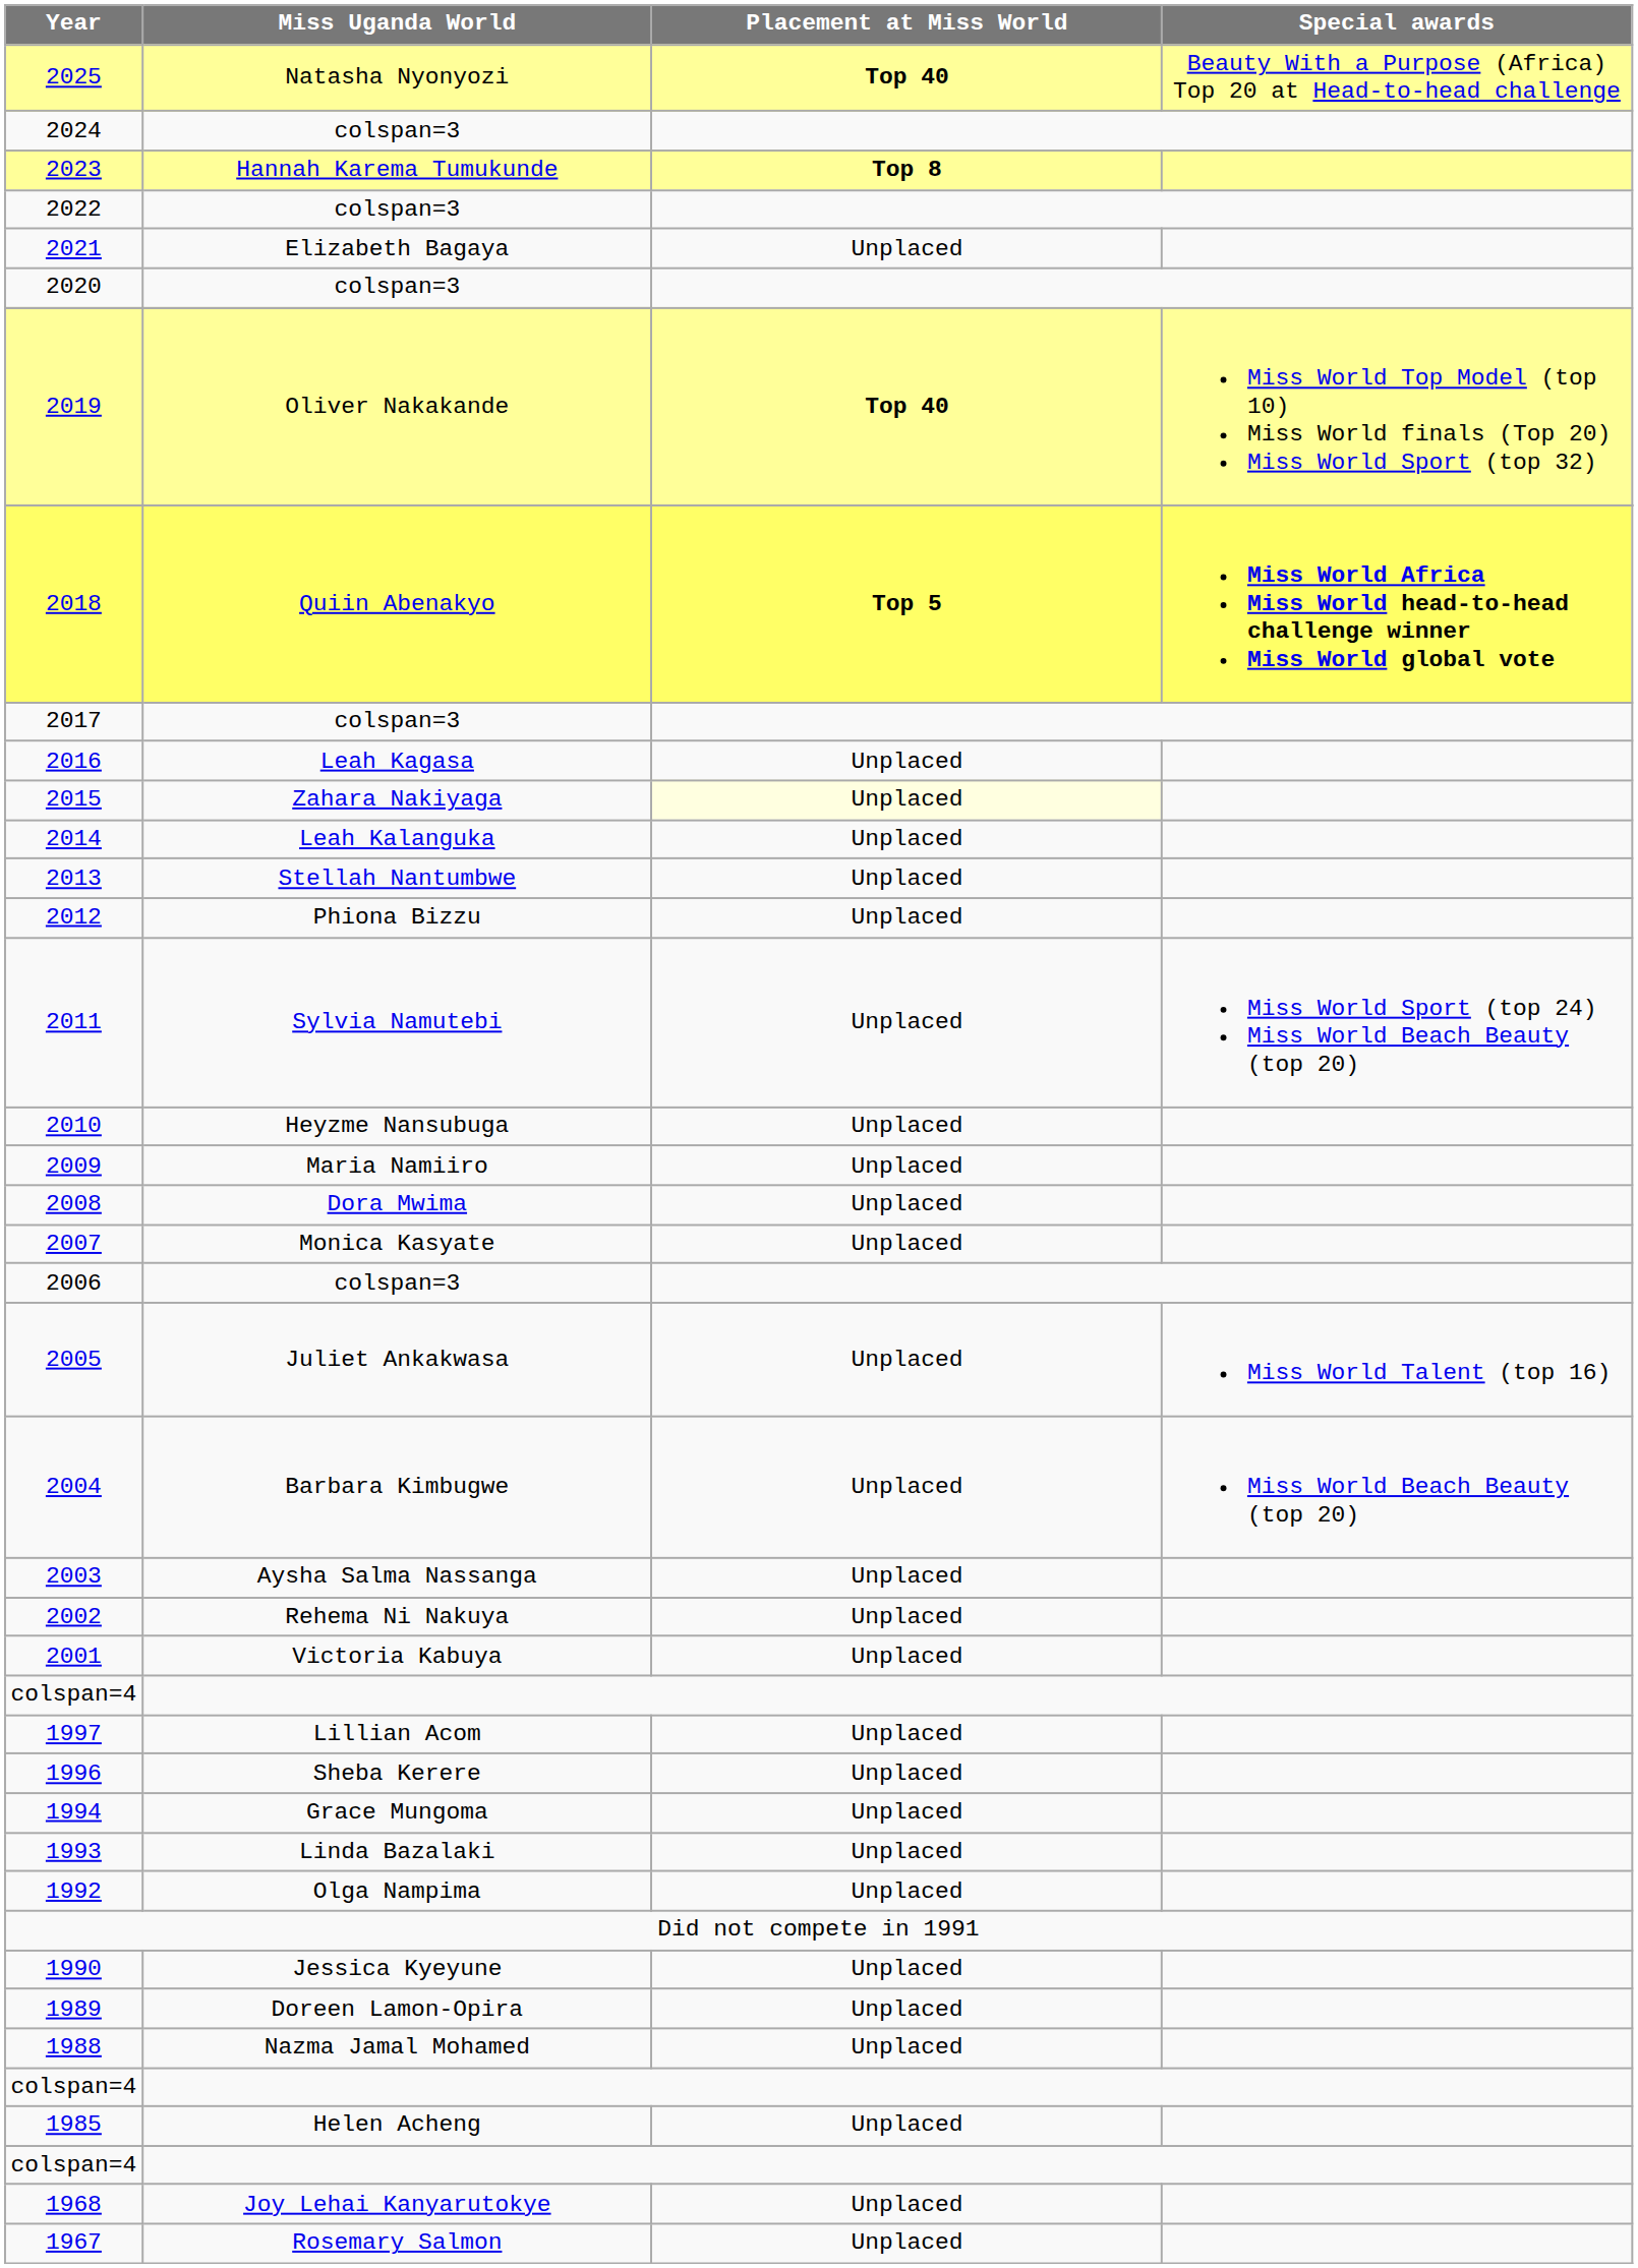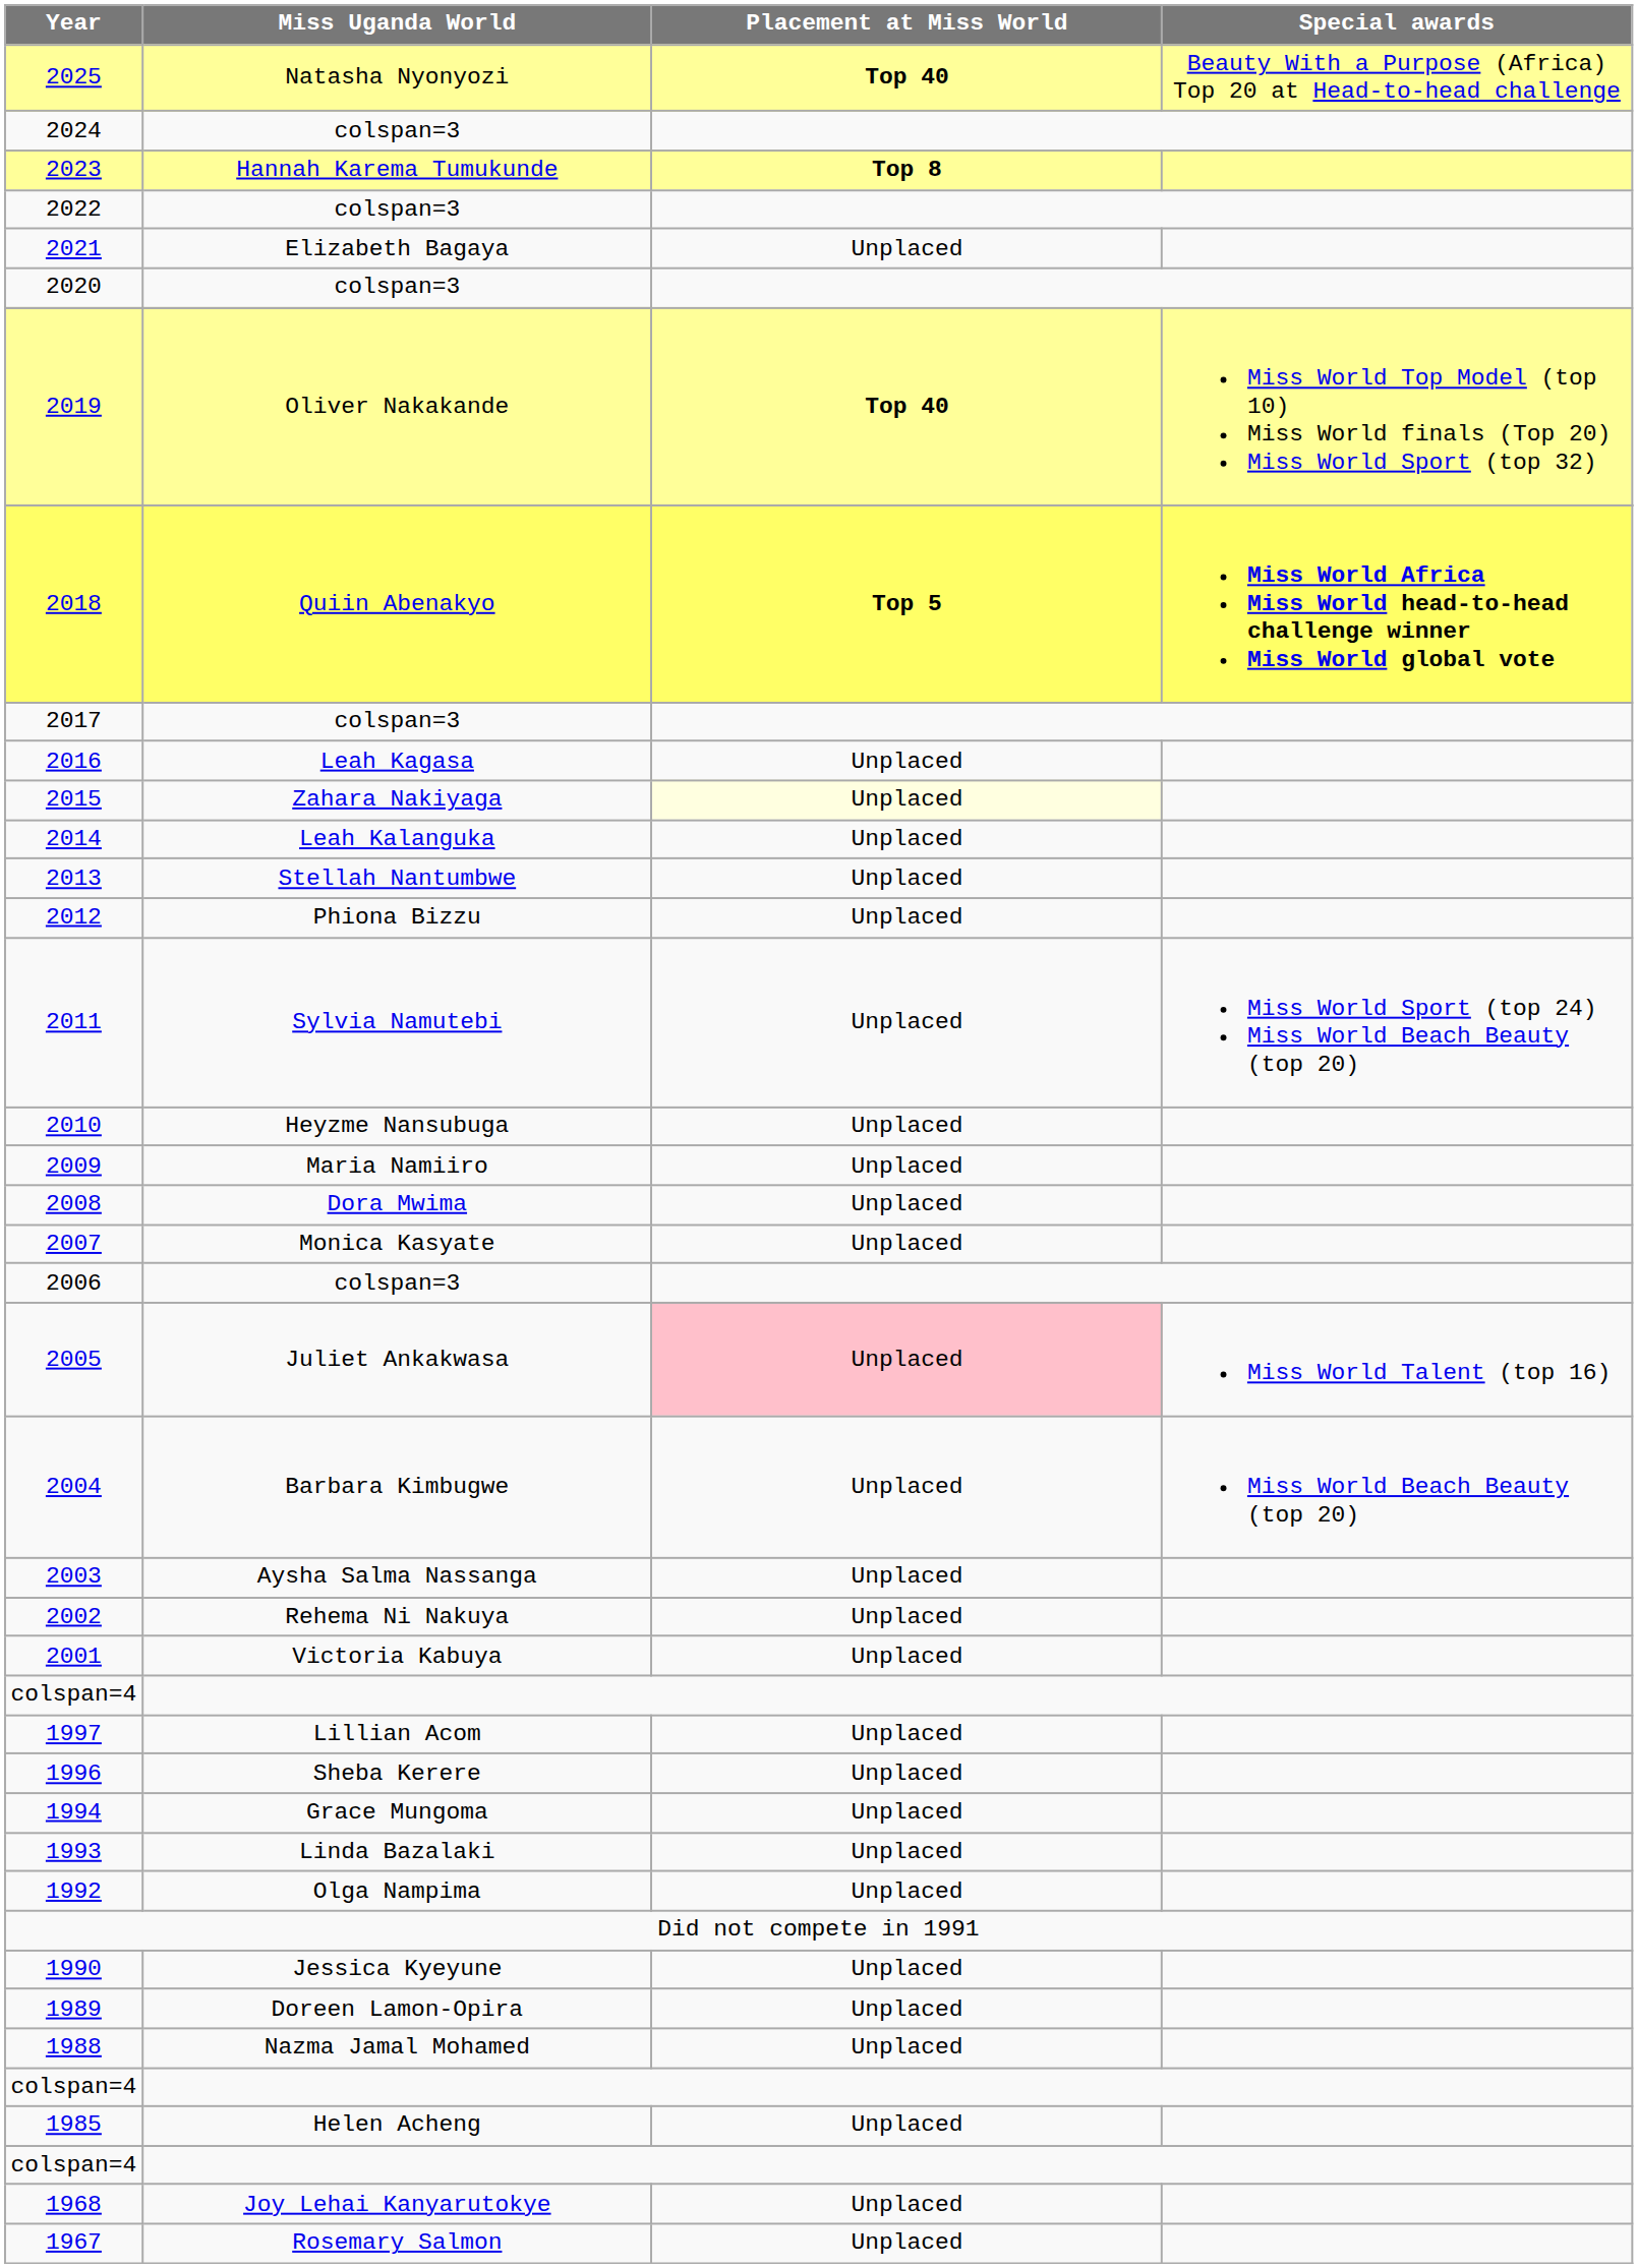 <table class="wikitable" style="font-size: 90%; text-align:center">
 <tr>
 <th width="60" style="background-color:#787878;color:#FFFFFF;">Year</th>
 <th width="250" style="background-color:#787878;color:#FFFFFF;">Miss Uganda World</th>
 <th width="250" style="background-color:#787878;color:#FFFFFF;">Placement at Miss World</th>
 <th width="230" style="background-color:#787878;color:#FFFFFF;">Special awards</th>
 </tr>
 <tr style="background-color:#FFFF99; ">
 <td><a href='#'>2025</a></td>
 <td>Natasha Nyonyozi</td>
 <td><strong>Top 40</strong></td>
 <td><a href='#'>Beauty With a Purpose</a> (Africa)<br> Top 20 at <a href='#'>Head-to-head challenge</a></td>
 </tr>
 <tr>
 <td>2024</td>
 <td>colspan=3 </td>
 </tr>
 <tr style="background-color:#FFFF99">
 <td><a href='#'>2023</a></td>
 <td><a href='#'>Hannah Karema Tumukunde</a></td>
 <td><strong>Top 8</strong></td>
 <td></td>
 </tr>
 <tr>
 <td>2022</td>
 <td>colspan=3 </td>
 </tr>
 <tr>
 <td><a href='#'>2021</a></td>
 <td>Elizabeth Bagaya</td>
 <td>Unplaced</td>
 <td></td>
 </tr>
 <tr>
 <td>2020</td>
 <td>colspan=3 </td>
 </tr>
 <tr>
 </tr>
 <tr style="background-color:#FFFF99; ">
 <td><a href='#'>2019</a></td>
 <td>Oliver Nakakande</td>
 <td><strong>Top 40</strong></td>
 <td align="left"><br><ul><li><a href='#'>Miss World Top Model</a> (top 10)</li><li>Miss World finals (Top 20)</li><li><a href='#'>Miss World Sport</a> (top 32)</li></ul></td>
 </tr>
 <tr>
 </tr>
 <tr style="background:#ffff66;">
 <td><a href='#'>2018</a></td>
 <td><a href='#'>Quiin Abenakyo</a></td>
 <td><strong>Top 5</strong></td>
 <td align="left"><br><ul><li><strong><a href='#'>Miss World Africa</a></strong></li><li><strong><a href='#'>Miss World</a> head-to-head challenge winner</strong></li><li><strong><a href='#'>Miss World</a> global vote</strong></li></ul></td>
 </tr>
 <tr>
 <td>2017</td>
 <td>colspan=3 </td>
 </tr>
 <tr>
 <td><a href='#'>2016</a></td>
 <td><a href='#'>Leah Kagasa</a></td>
 <td>Unplaced</td>
 <td></td>
 </tr>
 <tr>
 <td><a href='#'>2015</a></td>
 <td><a href='#'>Zahara Nakiyaga</a></td>
 <td style="background: lightyellow;">Unplaced</td>
 <td></td>
 </tr>
 <tr>
 <td><a href='#'>2014</a></td>
 <td><a href='#'>Leah Kalanguka</a></td>
 <td>Unplaced</td>
 <td></td>
 </tr>
 <tr>
 <td><a href='#'>2013</a></td>
 <td><a href='#'>Stellah Nantumbwe</a></td>
 <td>Unplaced</td>
 <td></td>
 </tr>
 <tr>
 <td><a href='#'>2012</a></td>
 <td>Phiona Bizzu</td>
 <td>Unplaced</td>
 <td></td>
 </tr>
 <tr>
 <td><a href='#'>2011</a></td>
 <td><a href='#'>Sylvia Namutebi</a></td>
 <td>Unplaced</td>
 <td align="left"><br><ul><li><a href='#'>Miss World Sport</a> (top 24)</li><li><a href='#'>Miss World Beach Beauty</a> (top 20)</li></ul></td>
 </tr>
 <tr>
 <td><a href='#'>2010</a></td>
 <td>Heyzme Nansubuga </td>
 <td>Unplaced</td>
 <td></td>
 </tr>
 <tr>
 <td><a href='#'>2009</a></td>
 <td>Maria Namiiro</td>
 <td>Unplaced</td>
 <td></td>
 </tr>
 <tr>
 <td><a href='#'>2008</a></td>
 <td><a href='#'>Dora Mwima</a></td>
 <td>Unplaced</td>
 <td></td>
 </tr>
 <tr>
 <td><a href='#'>2007</a></td>
 <td>Monica Kasyate</td>
 <td>Unplaced</td>
 <td></td>
 </tr>
 <tr>
 <td>2006</td>
 <td>colspan=3 </td>
 </tr>
 <tr>
 <td><a href='#'>2005</a></td>
 <td>Juliet Ankakwasa</td>
-<td>Unplaced</td>
+<td style="background: pink;">Unplaced</td>
 <td align="left"><br><ul><li><a href='#'>Miss World Talent</a> (top 16)</li></ul></td>
 </tr>
 <tr>
 <td><a href='#'>2004</a></td>
 <td>Barbara Kimbugwe</td>
 <td>Unplaced</td>
 <td align="left"><br><ul><li><a href='#'>Miss World Beach Beauty</a> (top 20)</li></ul></td>
 </tr>
 <tr>
 <td><a href='#'>2003</a></td>
 <td>Aysha Salma Nassanga</td>
 <td>Unplaced</td>
 <td></td>
 </tr>
 <tr>
 <td><a href='#'>2002</a></td>
 <td>Rehema Ni Nakuya</td>
 <td>Unplaced</td>
 <td></td>
 </tr>
 <tr>
 <td><a href='#'>2001</a></td>
 <td>Victoria Kabuya</td>
 <td>Unplaced</td>
 <td></td>
 </tr>
 <tr>
 <td>colspan=4 </td>
 </tr>
 <tr>
 <td><a href='#'>1997</a></td>
 <td>Lillian Acom</td>
 <td>Unplaced</td>
 <td></td>
 </tr>
 <tr>
 <td><a href='#'>1996</a></td>
 <td>Sheba Kerere</td>
 <td>Unplaced</td>
 <td></td>
 </tr>
 <tr>
 <td><a href='#'>1994</a></td>
 <td>Grace Mungoma</td>
 <td>Unplaced</td>
 </tr>
 <tr>
 <td><a href='#'>1993</a></td>
 <td>Linda Bazalaki</td>
 <td>Unplaced</td>
 <td></td>
 </tr>
 <tr>
 <td><a href='#'>1992</a></td>
 <td>Olga Nampima</td>
 <td>Unplaced</td>
 <td></td>
 </tr>
 <tr>
 <td colspan="4">Did not compete in 1991</td>
 </tr>
 <tr>
 <td><a href='#'>1990</a></td>
 <td>Jessica Kyeyune </td>
 <td>Unplaced</td>
 <td></td>
 </tr>
 <tr>
 <td><a href='#'>1989</a></td>
 <td>Doreen Lamon-Opira</td>
 <td>Unplaced</td>
 <td></td>
 </tr>
 <tr>
 <td><a href='#'>1988</a></td>
 <td>Nazma Jamal Mohamed</td>
 <td>Unplaced</td>
 <td></td>
 </tr>
 <tr>
 <td>colspan=4 </td>
 </tr>
 <tr>
 <td><a href='#'>1985</a></td>
 <td>Helen Acheng</td>
 <td>Unplaced</td>
 <td></td>
 </tr>
 <tr>
 <td>colspan=4 </td>
 </tr>
 <tr>
 <td><a href='#'>1968</a></td>
 <td><a href='#'>Joy Lehai Kanyarutokye</a></td>
 <td>Unplaced</td>
 <td></td>
 </tr>
 <tr>
 <td><a href='#'>1967</a></td>
 <td><a href='#'>Rosemary Salmon</a></td>
 <td>Unplaced</td>
 <td></td>
 </tr>
 <tr>
 </tr>
 </table>
